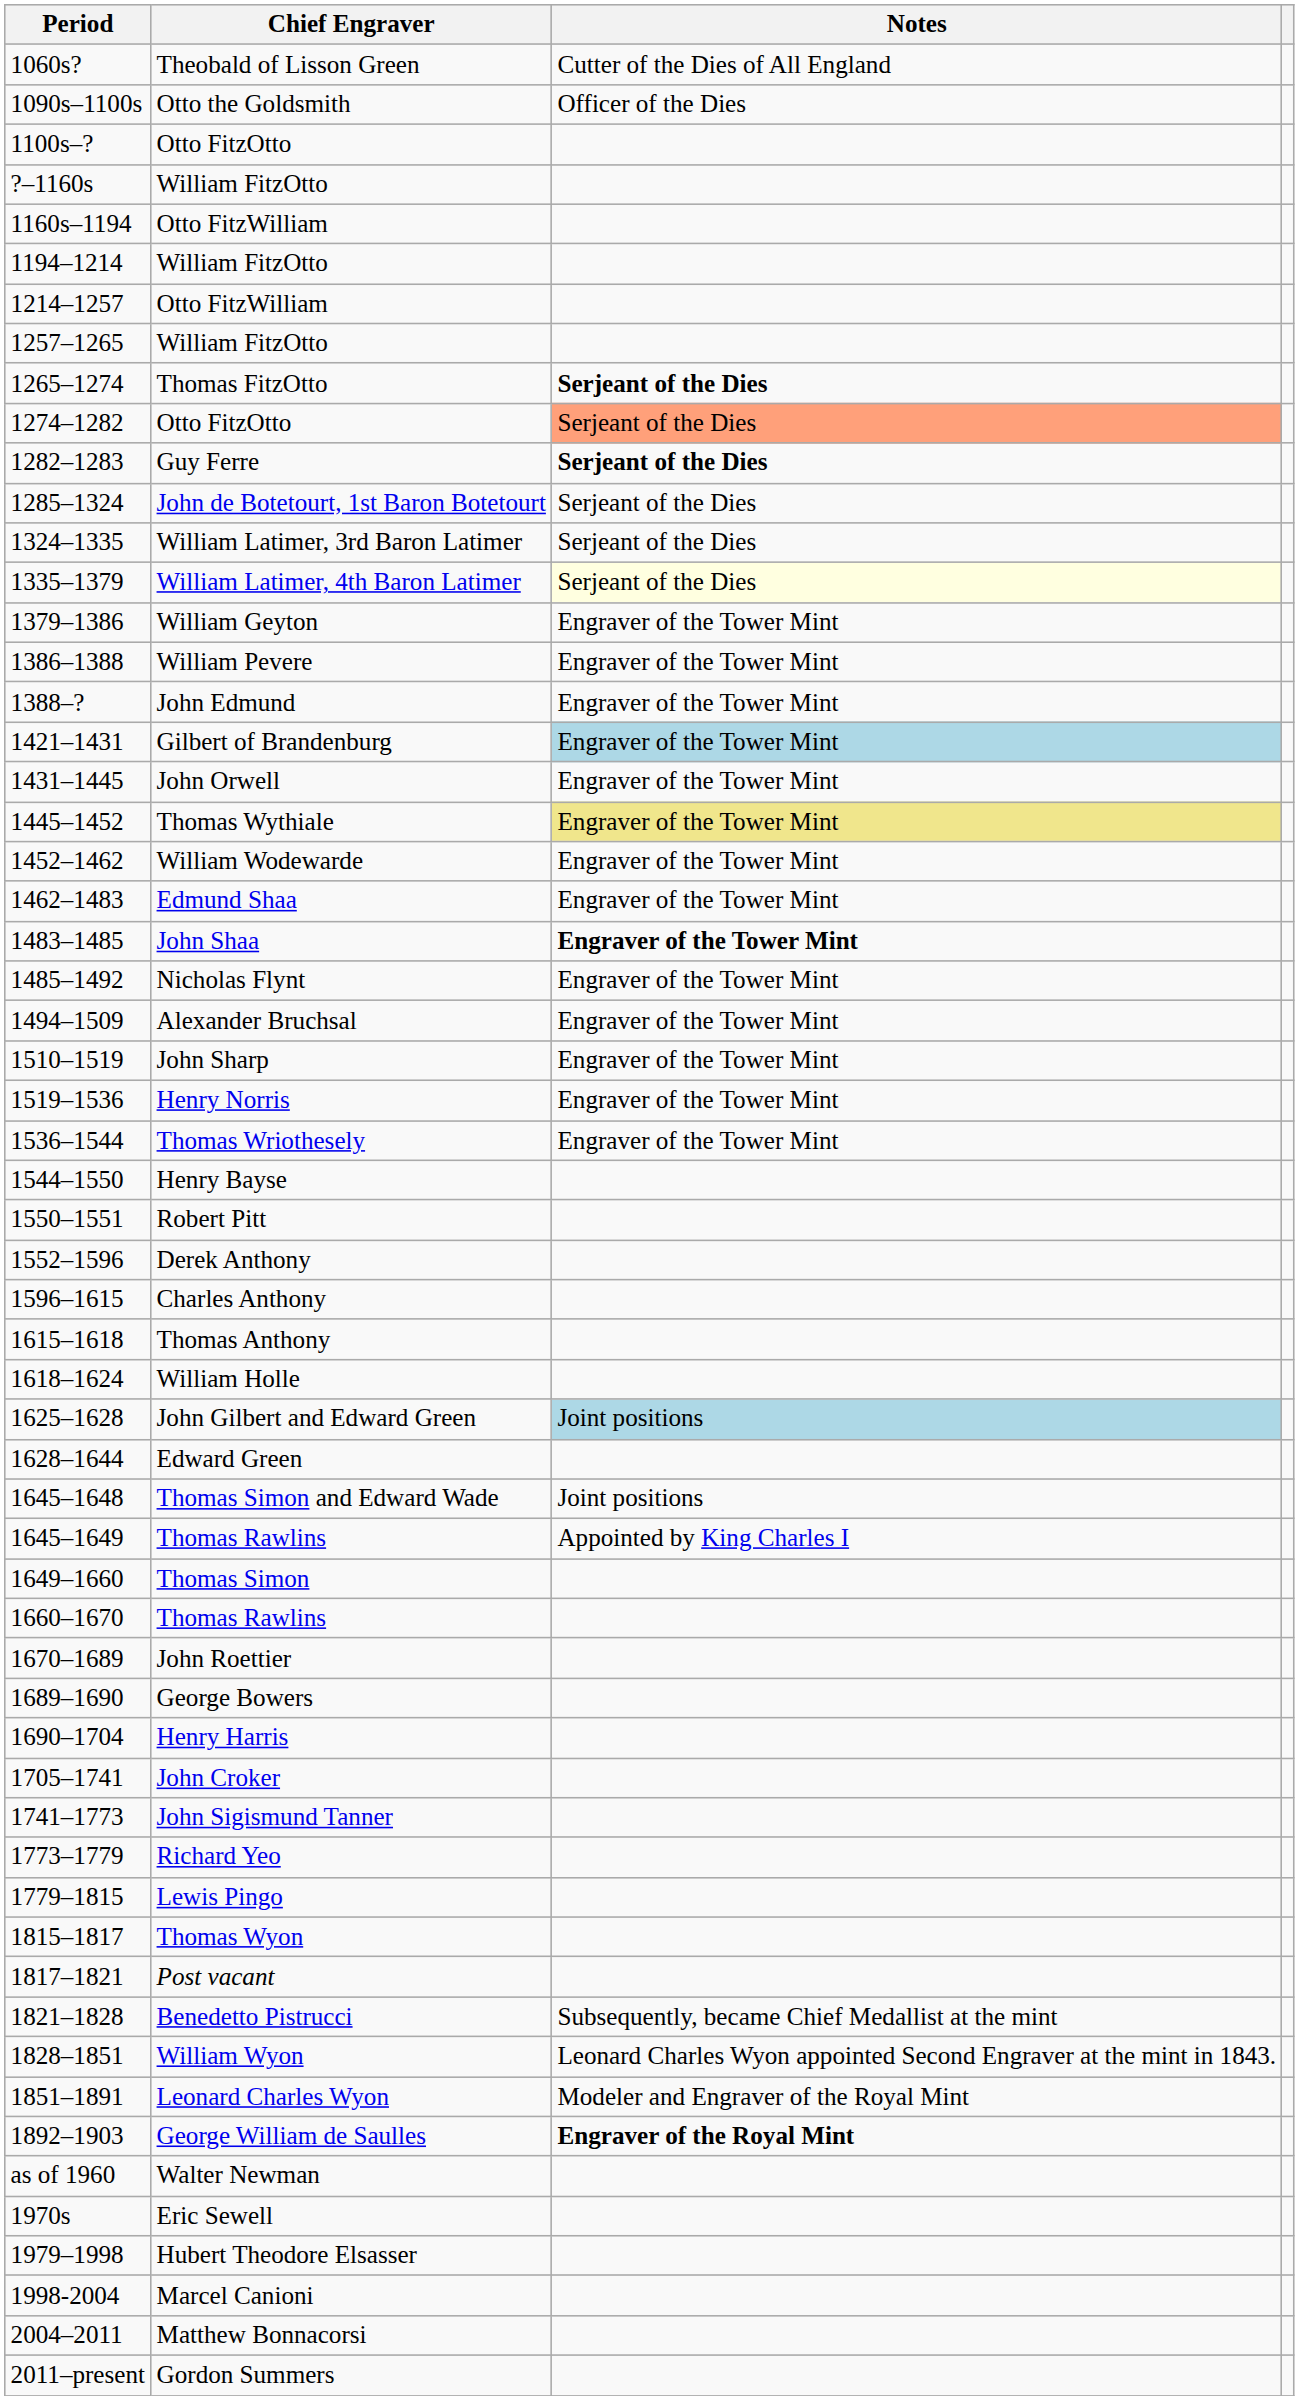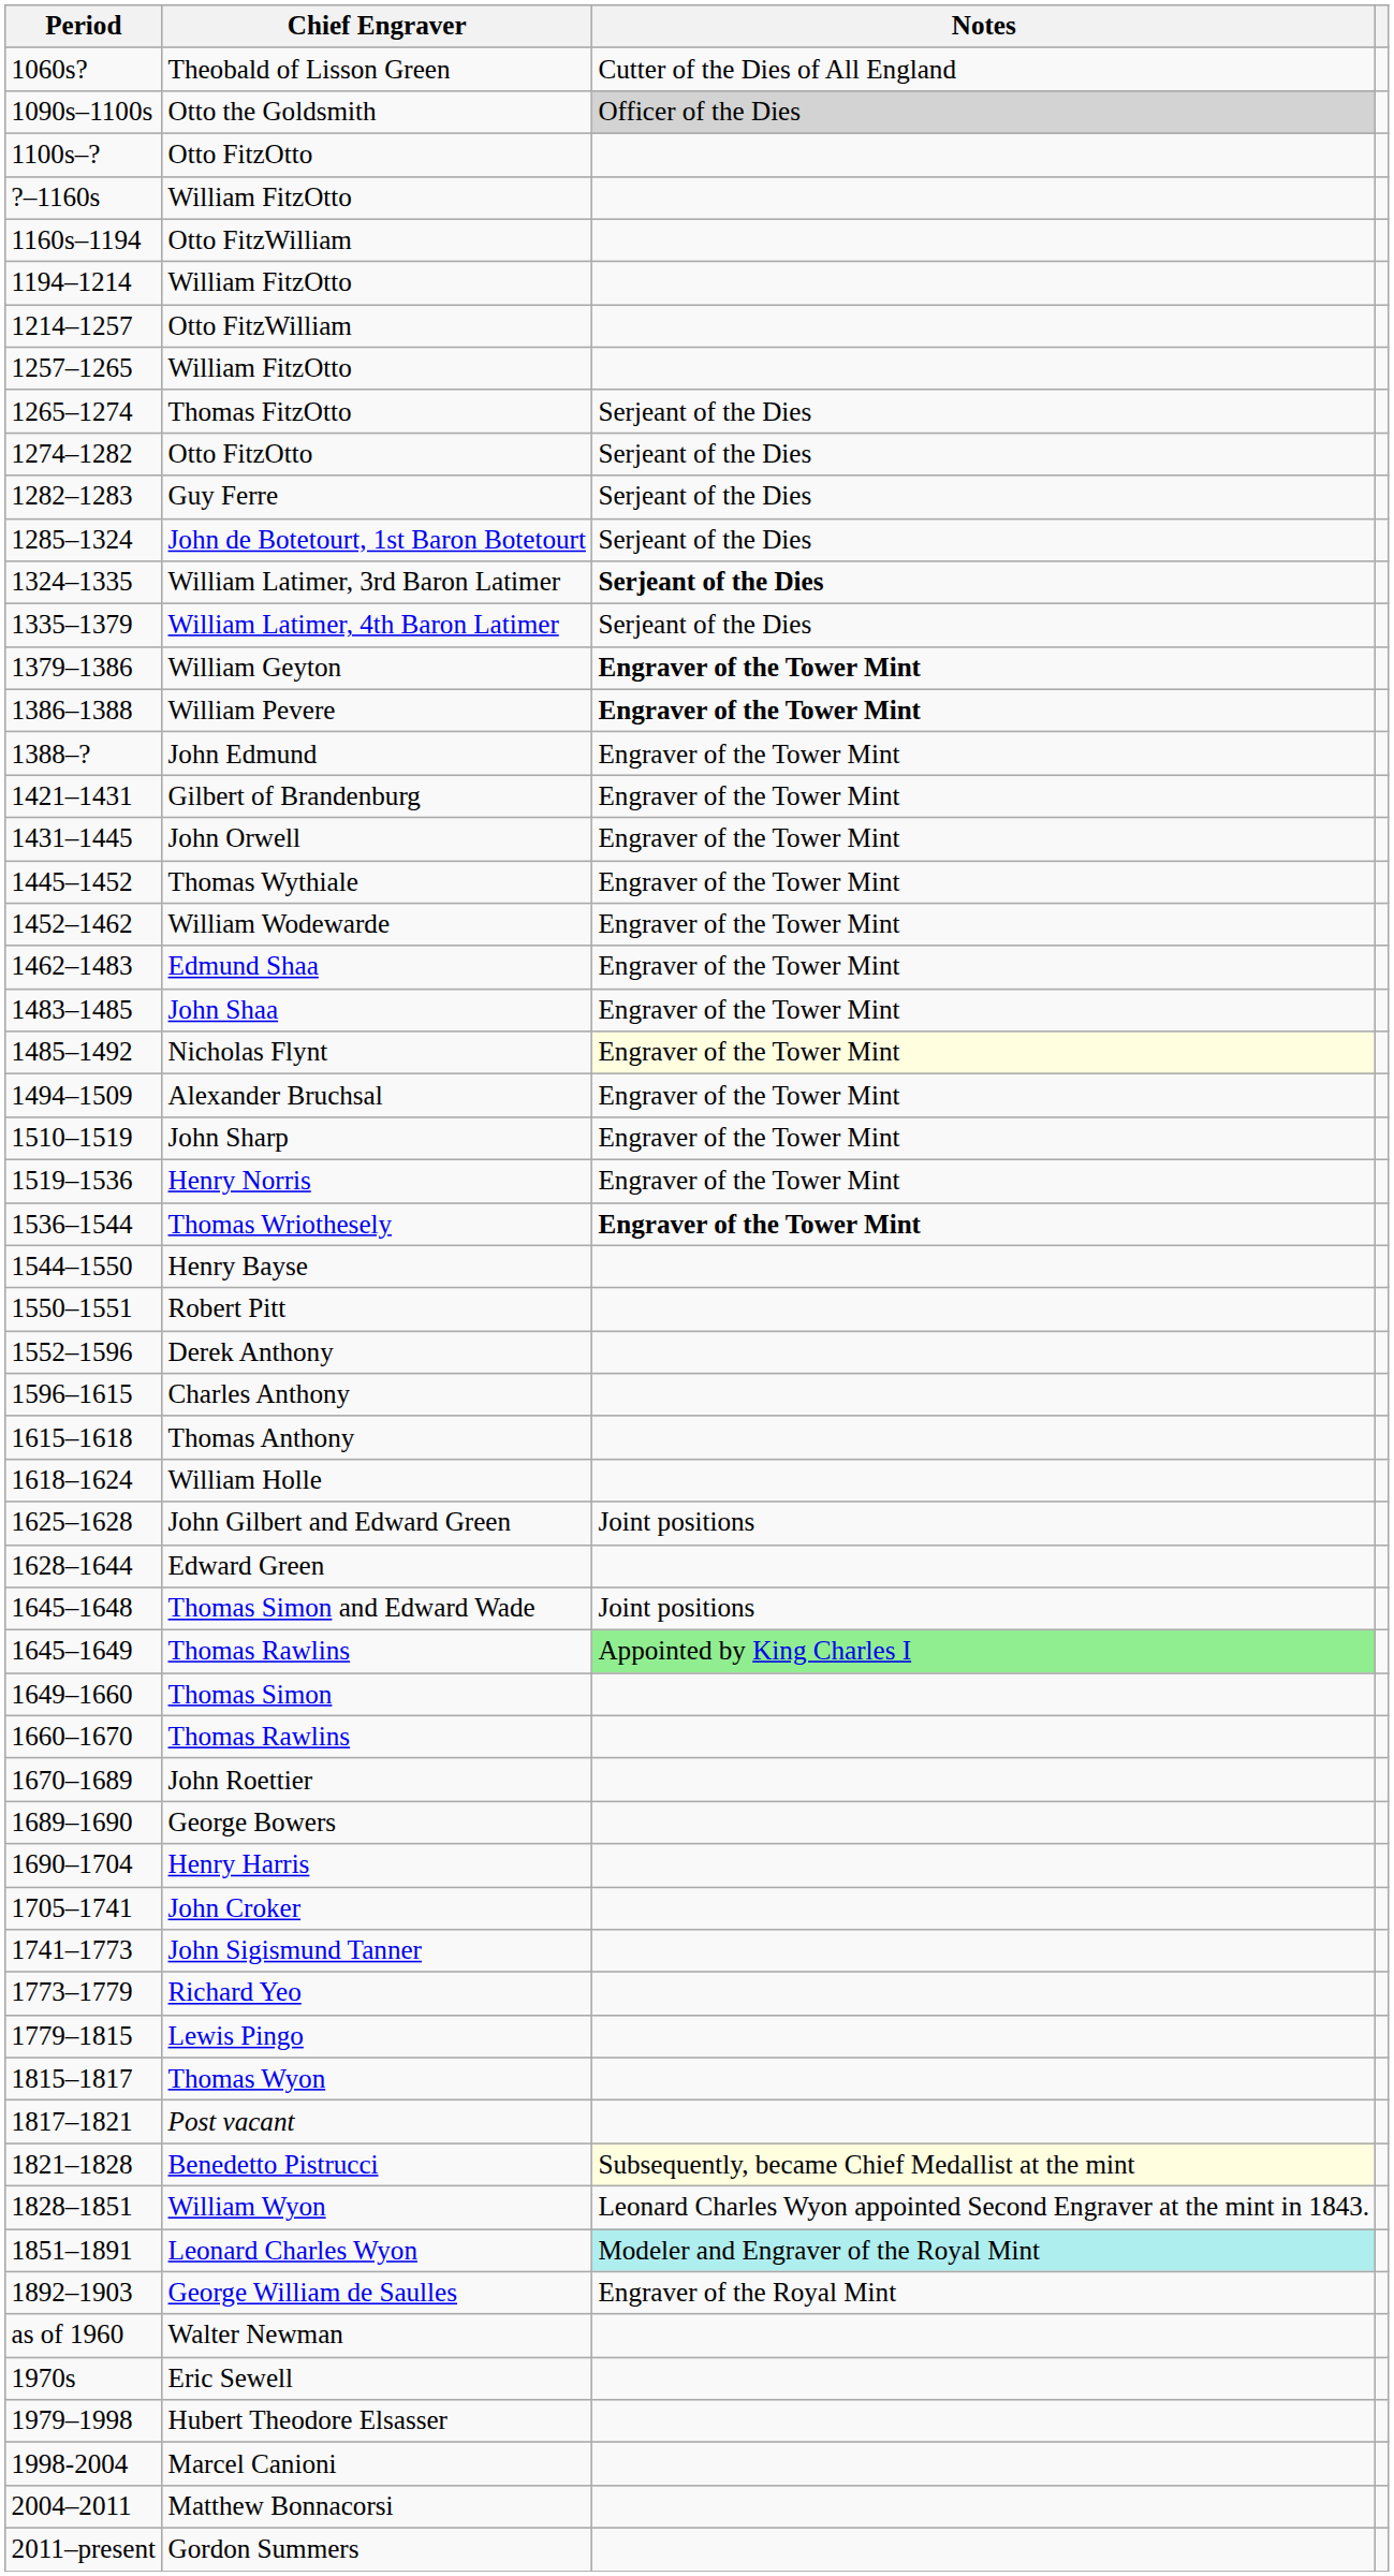 <table class="wikitable">
 <tr>
 <th>Period</th>
 <th>Chief Engraver</th>
 <th>Notes</th>
 <th></th>
 </tr>
 <tr>
 <td>1060s?</td>
 <td>Theobald of Lisson Green</td>
 <td>Cutter of the Dies of All England</td>
 <td></td>
 </tr>
 <tr>
 <td>1090s–1100s</td>
 <td>Otto the Goldsmith</td>
-<td>Officer of the Dies</td>
+<td style="background: lightgrey;">Officer of the Dies</td>
 <td></td>
 </tr>
 <tr>
 <td>1100s–?</td>
 <td>Otto FitzOtto</td>
 <td></td>
 <td></td>
 </tr>
 <tr>
 <td>?–1160s</td>
 <td>William FitzOtto</td>
 <td></td>
 <td></td>
 </tr>
 <tr>
 <td>1160s–1194</td>
 <td>Otto FitzWilliam</td>
 <td></td>
 <td></td>
 </tr>
 <tr>
 <td>1194–1214</td>
 <td>William FitzOtto</td>
 <td></td>
 <td></td>
 </tr>
 <tr>
 <td>1214–1257</td>
 <td>Otto FitzWilliam</td>
 <td></td>
 <td></td>
 </tr>
 <tr>
 <td>1257–1265</td>
 <td>William FitzOtto</td>
 <td></td>
 <td></td>
 </tr>
 <tr>
 <td>1265–1274</td>
 <td>Thomas FitzOtto</td>
-<td><strong>Serjeant of the Dies</strong></td>
+<td>Serjeant of the Dies</td>
 <td></td>
 </tr>
 <tr>
 <td>1274–1282</td>
 <td>Otto FitzOtto</td>
-<td style="background: lightsalmon;">Serjeant of the Dies</td>
+<td>Serjeant of the Dies</td>
 <td></td>
 </tr>
 <tr>
 <td>1282–1283</td>
 <td>Guy Ferre</td>
-<td><strong>Serjeant of the Dies</strong></td>
+<td>Serjeant of the Dies</td>
 <td></td>
 </tr>
 <tr>
 <td>1285–1324</td>
 <td><a href='#'>John de Botetourt, 1st Baron Botetourt</a></td>
 <td>Serjeant of the Dies</td>
 <td></td>
 </tr>
 <tr>
 <td>1324–1335</td>
 <td>William Latimer, 3rd Baron Latimer</td>
-<td>Serjeant of the Dies</td>
+<td><strong>Serjeant of the Dies</strong></td>
 <td></td>
 </tr>
 <tr>
 <td>1335–1379</td>
 <td><a href='#'>William Latimer, 4th Baron Latimer</a></td>
-<td style="background: lightyellow;">Serjeant of the Dies</td>
+<td>Serjeant of the Dies</td>
 <td></td>
 </tr>
 <tr>
 <td>1379–1386</td>
 <td>William Geyton</td>
-<td>Engraver of the Tower Mint</td>
+<td><strong>Engraver of the Tower Mint</strong></td>
 <td></td>
 </tr>
 <tr>
 <td>1386–1388</td>
 <td>William Pevere</td>
-<td>Engraver of the Tower Mint</td>
+<td><strong>Engraver of the Tower Mint</strong></td>
 <td></td>
 </tr>
 <tr>
 <td>1388–?</td>
 <td>John Edmund</td>
 <td>Engraver of the Tower Mint</td>
 <td></td>
 </tr>
 <tr>
 <td>1421–1431</td>
 <td>Gilbert of Brandenburg</td>
-<td style="background: lightblue;">Engraver of the Tower Mint</td>
+<td>Engraver of the Tower Mint</td>
 <td></td>
 </tr>
 <tr>
 <td>1431–1445</td>
 <td>John Orwell</td>
 <td>Engraver of the Tower Mint</td>
 <td></td>
 </tr>
 <tr>
 <td>1445–1452</td>
 <td>Thomas Wythiale</td>
-<td style="background: khaki;">Engraver of the Tower Mint</td>
+<td>Engraver of the Tower Mint</td>
 <td></td>
 </tr>
 <tr>
 <td>1452–1462</td>
 <td>William Wodewarde</td>
 <td>Engraver of the Tower Mint</td>
 <td></td>
 </tr>
 <tr>
 <td>1462–1483</td>
 <td><a href='#'>Edmund Shaa</a></td>
 <td>Engraver of the Tower Mint</td>
 <td></td>
 </tr>
 <tr>
 <td>1483–1485</td>
 <td><a href='#'>John Shaa</a></td>
-<td><strong>Engraver of the Tower Mint</strong></td>
+<td>Engraver of the Tower Mint</td>
 <td></td>
 </tr>
 <tr>
 <td>1485–1492</td>
 <td>Nicholas Flynt</td>
-<td>Engraver of the Tower Mint</td>
+<td style="background: lightyellow;">Engraver of the Tower Mint</td>
 <td></td>
 </tr>
 <tr>
 <td>1494–1509</td>
 <td>Alexander Bruchsal</td>
 <td>Engraver of the Tower Mint</td>
 <td></td>
 </tr>
 <tr>
 <td>1510–1519</td>
 <td>John Sharp</td>
 <td>Engraver of the Tower Mint</td>
 <td></td>
 </tr>
 <tr>
 <td>1519–1536</td>
 <td><a href='#'>Henry Norris</a></td>
 <td>Engraver of the Tower Mint</td>
 <td></td>
 </tr>
 <tr>
 <td>1536–1544</td>
 <td><a href='#'>Thomas Wriothesely</a></td>
-<td>Engraver of the Tower Mint</td>
+<td><strong>Engraver of the Tower Mint</strong></td>
 <td></td>
 </tr>
 <tr>
 <td>1544–1550</td>
 <td>Henry Bayse</td>
 <td></td>
 <td></td>
 </tr>
 <tr>
 <td>1550–1551</td>
 <td>Robert Pitt</td>
 <td></td>
 <td></td>
 </tr>
 <tr>
 <td>1552–1596</td>
 <td>Derek Anthony</td>
 <td></td>
 <td></td>
 </tr>
 <tr>
 <td>1596–1615</td>
 <td>Charles Anthony</td>
 <td></td>
 <td></td>
 </tr>
 <tr>
 <td>1615–1618</td>
 <td>Thomas Anthony</td>
 <td></td>
 <td></td>
 </tr>
 <tr>
 <td>1618–1624</td>
 <td>William Holle</td>
 <td></td>
 <td></td>
 </tr>
 <tr>
 <td>1625–1628</td>
 <td>John Gilbert and Edward Green</td>
-<td style="background: lightblue;">Joint positions</td>
+<td>Joint positions</td>
 <td></td>
 </tr>
 <tr>
 <td>1628–1644</td>
 <td>Edward Green</td>
 <td></td>
 <td></td>
 </tr>
 <tr>
 <td>1645–1648</td>
 <td><a href='#'>Thomas Simon</a> and Edward Wade</td>
 <td>Joint positions</td>
 <td></td>
 </tr>
 <tr>
 <td>1645–1649</td>
 <td><a href='#'>Thomas Rawlins</a></td>
-<td>Appointed by <a href='#'>King Charles I</a></td>
+<td style="background: lightgreen;">Appointed by <a href='#'>King Charles I</a></td>
 <td></td>
 </tr>
 <tr>
 <td>1649–1660</td>
 <td><a href='#'>Thomas Simon</a></td>
 <td></td>
 <td></td>
 </tr>
 <tr>
 <td>1660–1670</td>
 <td><a href='#'>Thomas Rawlins</a></td>
 <td></td>
 <td></td>
 </tr>
 <tr>
 <td>1670–1689</td>
 <td>John Roettier</td>
 <td></td>
 <td></td>
 </tr>
 <tr>
 <td>1689–1690</td>
 <td>George Bowers</td>
 <td></td>
 <td></td>
 </tr>
 <tr>
 <td>1690–1704</td>
 <td><a href='#'>Henry Harris</a></td>
 <td></td>
 <td></td>
 </tr>
 <tr>
 <td>1705–1741</td>
 <td><a href='#'>John Croker</a></td>
 <td></td>
 <td></td>
 </tr>
 <tr>
 <td>1741–1773</td>
 <td><a href='#'>John Sigismund Tanner</a></td>
 <td></td>
 <td></td>
 </tr>
 <tr>
 <td>1773–1779</td>
 <td><a href='#'>Richard Yeo</a></td>
 <td></td>
 <td></td>
 </tr>
 <tr>
 <td>1779–1815</td>
 <td><a href='#'>Lewis Pingo</a></td>
 <td></td>
 <td></td>
 </tr>
 <tr>
 <td>1815–1817</td>
 <td><a href='#'>Thomas Wyon</a></td>
 <td></td>
 <td></td>
 </tr>
 <tr>
 <td>1817–1821</td>
 <td><em>Post vacant</em></td>
 <td></td>
 <td></td>
 </tr>
 <tr>
 <td>1821–1828</td>
 <td><a href='#'>Benedetto Pistrucci</a></td>
-<td>Subsequently, became Chief Medallist at the mint</td>
+<td style="background: lightyellow;">Subsequently, became Chief Medallist at the mint</td>
 <td></td>
 </tr>
 <tr>
 <td>1828–1851</td>
 <td><a href='#'>William Wyon</a></td>
 <td>Leonard Charles Wyon appointed Second Engraver at the mint in 1843.</td>
 <td></td>
 </tr>
 <tr>
 <td>1851–1891</td>
 <td><a href='#'>Leonard Charles Wyon</a></td>
-<td>Modeler and Engraver of the Royal Mint</td>
+<td style="background: paleturquoise;">Modeler and Engraver of the Royal Mint</td>
 <td></td>
 </tr>
 <tr>
 <td>1892–1903</td>
 <td><a href='#'>George William de Saulles</a></td>
-<td><strong>Engraver of the Royal Mint</strong></td>
+<td>Engraver of the Royal Mint</td>
 <td></td>
 </tr>
 <tr>
 <td>as of 1960</td>
 <td>Walter Newman</td>
 <td></td>
 <td></td>
 </tr>
 <tr>
 <td>1970s</td>
 <td>Eric Sewell</td>
 <td></td>
 <td></td>
 </tr>
 <tr>
 <td>1979–1998</td>
 <td>Hubert Theodore Elsasser</td>
 <td></td>
 <td></td>
 </tr>
 <tr>
 <td>1998-2004</td>
 <td>Marcel Canioni</td>
 <td></td>
 <td></td>
 </tr>
 <tr>
 <td>2004–2011</td>
 <td>Matthew Bonnacorsi</td>
 <td></td>
 <td></td>
 </tr>
 <tr>
 <td>2011–present</td>
 <td>Gordon Summers</td>
 <td></td>
 <td></td>
 </tr>
 </table>
